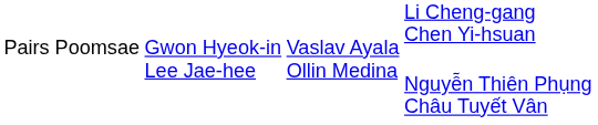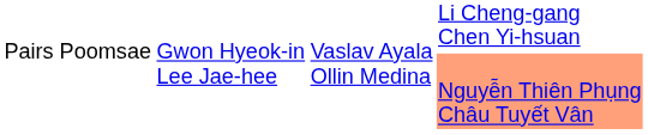 <table>
 <tr>
 <td rowspan=2>Pairs Poomsae<br></td>
 <td rowspan=2><br><a href='#'>Gwon Hyeok-in</a><br><a href='#'>Lee Jae-hee</a></td>
 <td rowspan=2><br><a href='#'>Vaslav Ayala</a><br><a href='#'>Ollin Medina</a></td>
 <td><br><a href='#'>Li Cheng-gang</a><br><a href='#'>Chen Yi-hsuan</a></td>
 </tr>
 <tr>
-<td><br><a href='#'>Nguyễn Thiên Phụng</a><br><a href='#'>Châu Tuyết Vân</a></td>
+<td style="background: lightsalmon;"><br><a href='#'>Nguyễn Thiên Phụng</a><br><a href='#'>Châu Tuyết Vân</a></td>
 </tr>
 </table>
